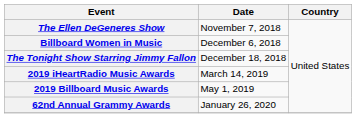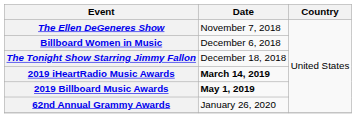 <table class="wikitable sortable plainrowheaders">
 <tr>
 <th>Event</th>
 <th>Date</th>
 <th>Country</th>
 </tr>
 <tr>
 <th scope="row"><em><a href='#'>The Ellen DeGeneres Show</a></em></th>
 <td>November 7, 2018</td>
 <td rowspan="6">United States</td>
 </tr>
 <tr>
 <th scope="row"><a href='#'>Billboard Women in Music</a></th>
 <td>December 6, 2018</td>
 </tr>
 <tr>
 <th scope="row"><em><a href='#'>The Tonight Show Starring Jimmy Fallon</a></em></th>
 <td>December 18, 2018</td>
 </tr>
 <tr>
 <th scope="row"><a href='#'>2019 iHeartRadio Music Awards</a></th>
-<td>March 14, 2019</td>
+<td><strong>March 14, 2019</strong></td>
 </tr>
 <tr>
 <th scope="row"><a href='#'>2019 Billboard Music Awards</a></th>
-<td>May 1, 2019</td>
+<td><strong>May 1, 2019</strong></td>
 </tr>
 <tr>
 <th scope="row"><a href='#'>62nd Annual Grammy Awards</a></th>
 <td>January 26, 2020</td>
 </tr>
 <tr>
 </tr>
 </table>
